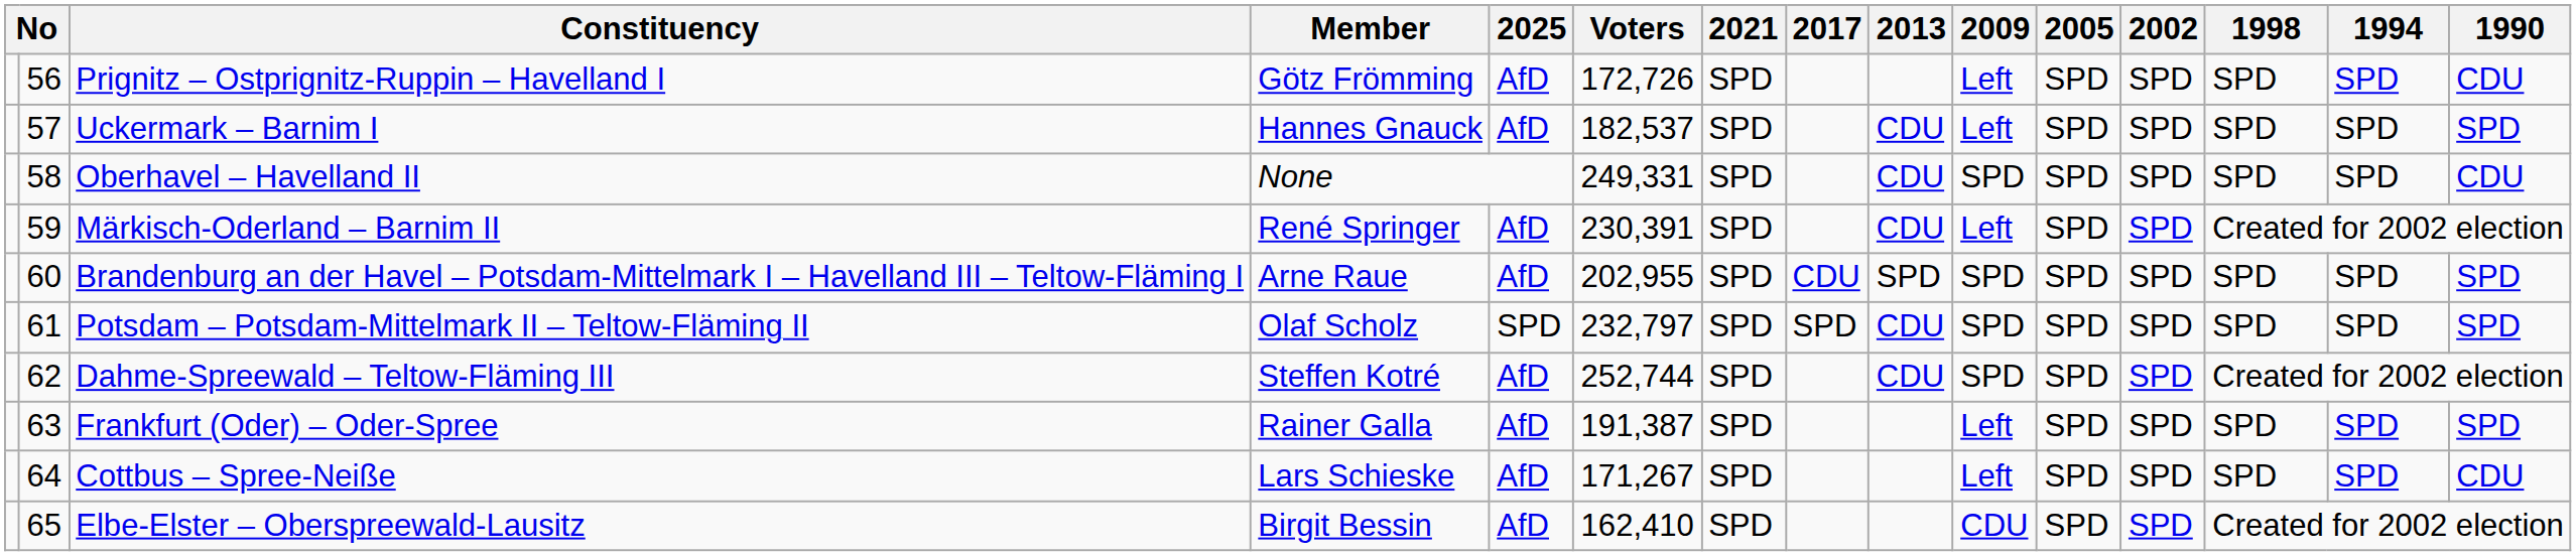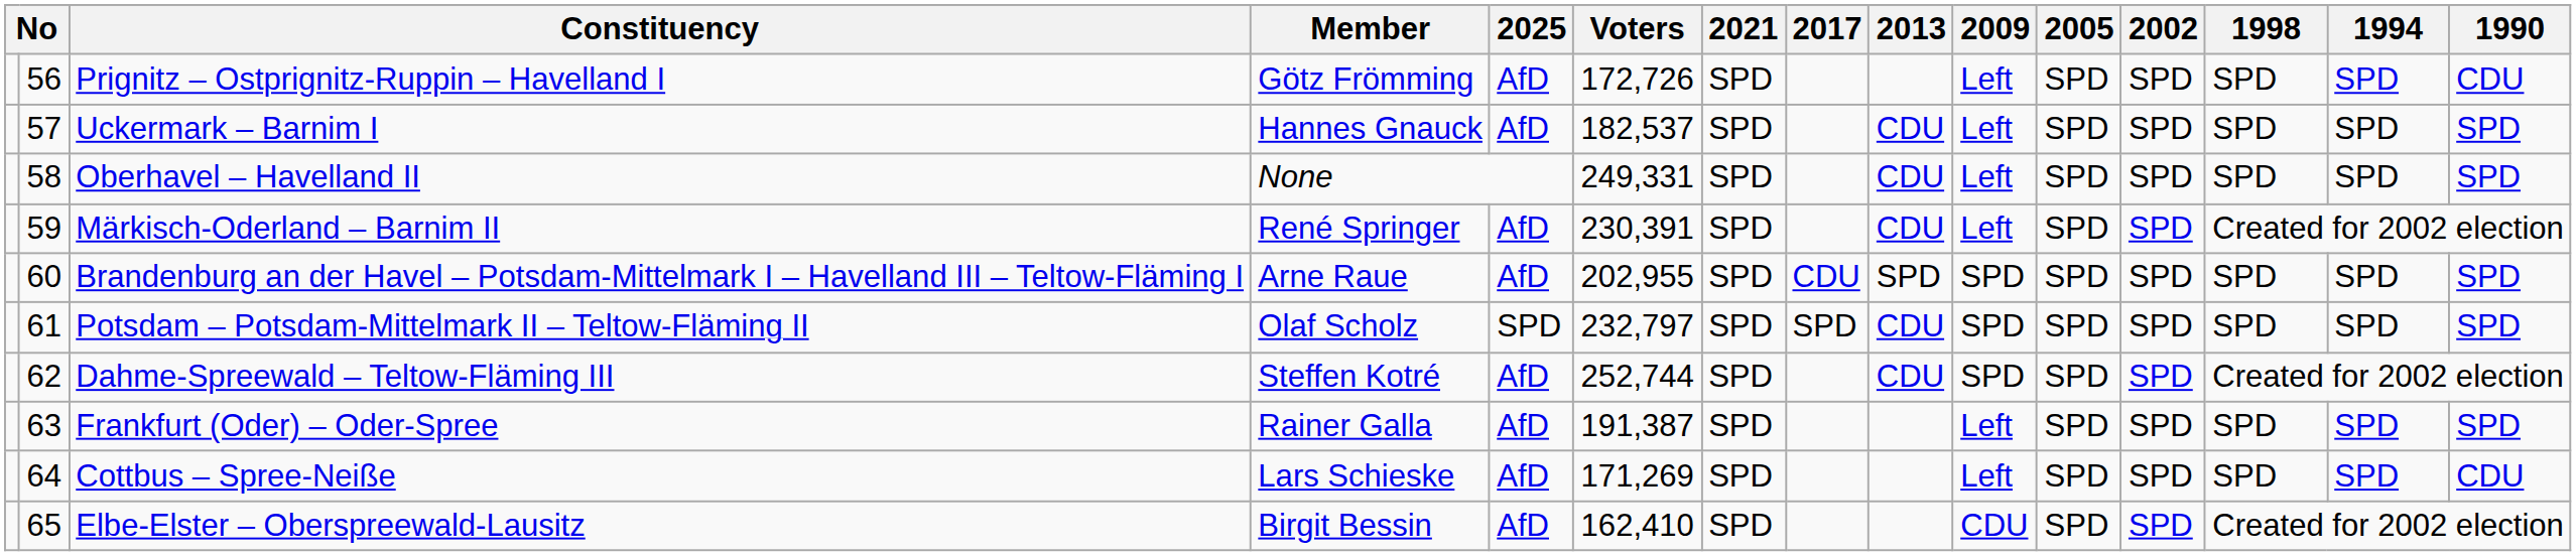 <table class="wikitable sortable">
 <tr>
 <th colspan=2>No</th>
 <th>Constituency</th>
 <th>Member</th>
 <th>2025</th>
 <th>Voters</th>
 <th>2021</th>
 <th>2017</th>
 <th>2013</th>
 <th>2009</th>
 <th>2005</th>
 <th>2002</th>
 <th>1998</th>
 <th>1994</th>
 <th>1990</th>
 </tr>
 <tr>
 <td style="background-color: "></td>
 <td>56</td>
 <td><a href='#'>Prignitz – Ostprignitz-Ruppin – Havelland I</a></td>
 <td><a href='#'>Götz Frömming</a></td>
 <td><a href='#'>AfD</a></td>
 <td>172,726</td>
 <td bgcolor=>SPD</td>
 <td></td>
 <td></td>
 <td><a href='#'>Left</a></td>
 <td bgcolor=>SPD</td>
 <td bgcolor=>SPD</td>
 <td bgcolor=>SPD</td>
 <td><a href='#'>SPD</a></td>
 <td><a href='#'>CDU</a></td>
 </tr>
 <tr>
 <td style="background-color: "></td>
 <td>57</td>
 <td><a href='#'>Uckermark – Barnim I</a></td>
 <td><a href='#'>Hannes Gnauck</a></td>
 <td><a href='#'>AfD</a></td>
 <td>182,537</td>
 <td bgcolor=>SPD</td>
 <td></td>
 <td><a href='#'>CDU</a></td>
 <td><a href='#'>Left</a></td>
 <td bgcolor=>SPD</td>
 <td bgcolor=>SPD</td>
 <td bgcolor=>SPD</td>
 <td bgcolor=>SPD</td>
 <td><a href='#'>SPD</a></td>
 </tr>
 <tr>
 <td></td>
 <td>58</td>
 <td><a href='#'>Oberhavel – Havelland II</a></td>
 <td colspan="2"><em>None</em></td>
 <td>249,331</td>
 <td bgcolor=>SPD</td>
 <td></td>
 <td><a href='#'>CDU</a></td>
+<td><a href='#'>Left</a></td>
 <td bgcolor=>SPD</td>
 <td bgcolor=>SPD</td>
 <td bgcolor=>SPD</td>
 <td bgcolor=>SPD</td>
-<td bgcolor=>SPD</td>
-<td><a href='#'>CDU</a></td>
+<td><a href='#'>SPD</a></td>
 </tr>
 <tr>
 <td style="background-color: "></td>
 <td>59</td>
 <td><a href='#'>Märkisch-Oderland – Barnim II</a></td>
 <td><a href='#'>René Springer</a></td>
 <td><a href='#'>AfD</a></td>
 <td>230,391</td>
 <td bgcolor=>SPD</td>
 <td></td>
 <td><a href='#'>CDU</a></td>
 <td><a href='#'>Left</a></td>
 <td bgcolor=>SPD</td>
 <td><a href='#'>SPD</a></td>
 <td colspan=3>Created for 2002 election</td>
 </tr>
 <tr>
 <td style="background-color: "></td>
 <td>60</td>
 <td><a href='#'>Brandenburg an der Havel – Potsdam-Mittelmark I – Havelland III – Teltow-Fläming I</a></td>
 <td><a href='#'>Arne Raue</a></td>
 <td><a href='#'>AfD</a></td>
 <td>202,955</td>
 <td bgcolor=>SPD</td>
 <td><a href='#'>CDU</a></td>
 <td bgcolor=>SPD</td>
 <td bgcolor=>SPD</td>
 <td bgcolor=>SPD</td>
 <td bgcolor=>SPD</td>
 <td bgcolor=>SPD</td>
 <td bgcolor=>SPD</td>
 <td><a href='#'>SPD</a></td>
 </tr>
 <tr>
 <td style="background-color: "></td>
 <td>61</td>
 <td><a href='#'>Potsdam – Potsdam-Mittelmark II – Teltow-Fläming II</a></td>
 <td><a href='#'>Olaf Scholz</a></td>
 <td bgcolor=>SPD</td>
 <td>232,797</td>
 <td bgcolor=>SPD</td>
 <td bgcolor=>SPD</td>
 <td><a href='#'>CDU</a></td>
 <td bgcolor=>SPD</td>
 <td bgcolor=>SPD</td>
 <td bgcolor=>SPD</td>
 <td bgcolor=>SPD</td>
 <td bgcolor=>SPD</td>
 <td><a href='#'>SPD</a></td>
 </tr>
 <tr>
 <td style="background-color: "></td>
 <td>62</td>
 <td><a href='#'>Dahme-Spreewald – Teltow-Fläming III</a></td>
 <td><a href='#'>Steffen Kotré</a></td>
 <td><a href='#'>AfD</a></td>
 <td>252,744</td>
 <td bgcolor=>SPD</td>
 <td></td>
 <td><a href='#'>CDU</a></td>
 <td bgcolor=>SPD</td>
 <td bgcolor=>SPD</td>
 <td><a href='#'>SPD</a></td>
 <td colspan=3>Created for 2002 election</td>
 </tr>
 <tr>
 <td style="background-color: "></td>
 <td>63</td>
 <td><a href='#'>Frankfurt (Oder) – Oder-Spree</a></td>
 <td><a href='#'>Rainer Galla</a></td>
 <td><a href='#'>AfD</a></td>
 <td>191,387</td>
 <td bgcolor=>SPD</td>
 <td></td>
 <td></td>
 <td><a href='#'>Left</a></td>
 <td bgcolor=>SPD</td>
 <td bgcolor=>SPD</td>
 <td bgcolor=>SPD</td>
 <td><a href='#'>SPD</a></td>
 <td><a href='#'>SPD</a></td>
 </tr>
 <tr>
 <td style="background-color: "></td>
 <td>64</td>
 <td><a href='#'>Cottbus – Spree-Neiße</a></td>
 <td><a href='#'>Lars Schieske</a></td>
 <td><a href='#'>AfD</a></td>
-<td>171,267</td>
+<td>171,269</td>
 <td bgcolor=>SPD</td>
 <td></td>
 <td></td>
 <td><a href='#'>Left</a></td>
 <td bgcolor=>SPD</td>
 <td bgcolor=>SPD</td>
 <td bgcolor=>SPD</td>
 <td><a href='#'>SPD</a></td>
 <td><a href='#'>CDU</a></td>
 </tr>
 <tr>
 <td style="background-color: "></td>
 <td>65</td>
 <td><a href='#'>Elbe-Elster – Oberspreewald-Lausitz</a></td>
 <td><a href='#'>Birgit Bessin</a></td>
 <td><a href='#'>AfD</a></td>
 <td>162,410</td>
 <td bgcolor=>SPD</td>
 <td></td>
 <td></td>
 <td><a href='#'>CDU</a></td>
 <td bgcolor=>SPD</td>
 <td><a href='#'>SPD</a></td>
 <td colspan=3>Created for 2002 election</td>
 </tr>
 </table>
